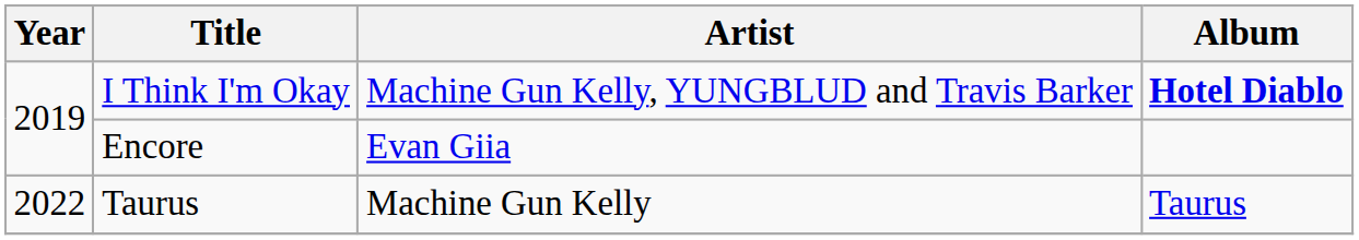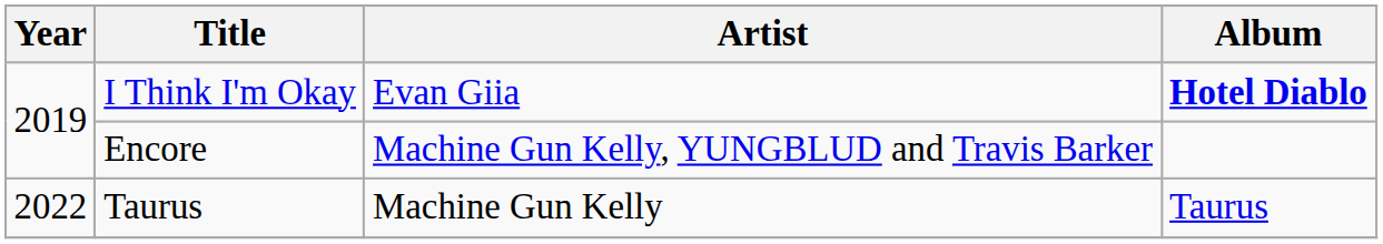 <table class= "wikitable sortable">
 <tr>
 <th>Year</th>
 <th>Title</th>
 <th>Artist</th>
 <th class="unsortable">Album</th>
 </tr>
 <tr>
 <td rowspan="2">2019</td>
 <td><a href='#'>I Think I'm Okay</a></td>
-<td><a href='#'>Machine Gun Kelly</a>, <a href='#'>YUNGBLUD</a> and <a href='#'>Travis Barker</a></td>
+<td><a href='#'>Evan Giia</a></td>
 <td><strong><a href='#'>Hotel Diablo</a></strong></td>
 </tr>
 <tr>
 <td>Encore </td>
-<td><a href='#'>Evan Giia</a></td>
+<td><a href='#'>Machine Gun Kelly</a>, <a href='#'>YUNGBLUD</a> and <a href='#'>Travis Barker</a></td>
 <td></td>
 </tr>
 <tr>
 <td>2022</td>
 <td>Taurus</td>
 <td>Machine Gun Kelly</td>
 <td><a href='#'>Taurus</a></td>
 </tr>
 <tr>
 </tr>
 </table>
